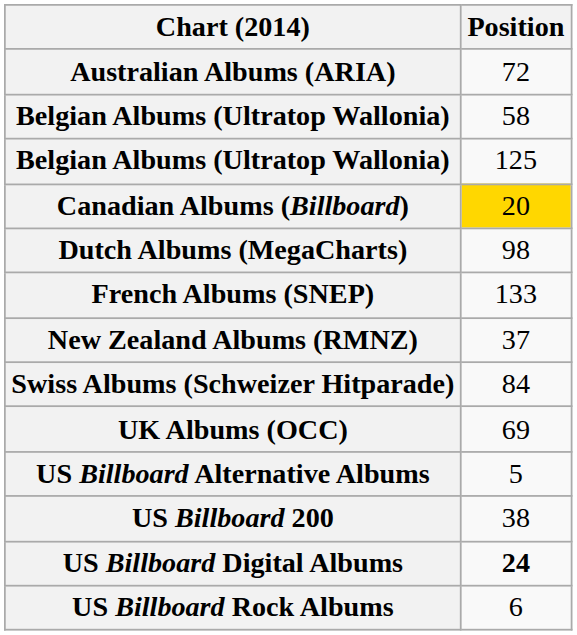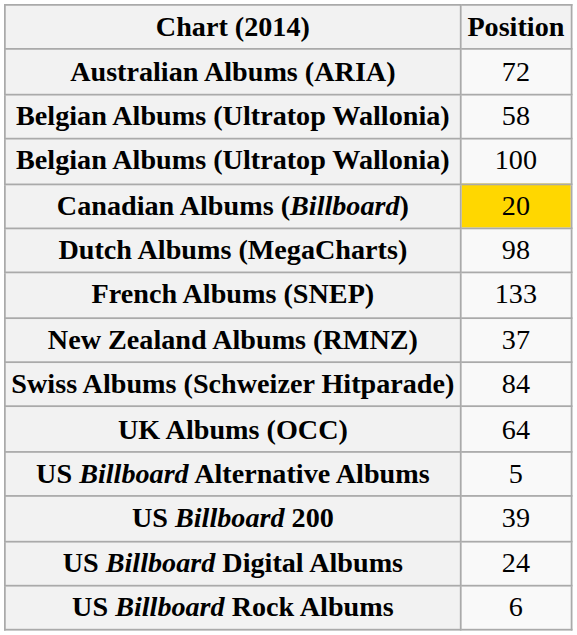 <table class="wikitable sortable plainrowheaders" style="text-align:center">
 <tr>
 <th scope="col">Chart (2014)</th>
 <th scope="col">Position</th>
 </tr>
 <tr>
 <th scope="row">Australian Albums (ARIA)</th>
 <td>72</td>
 </tr>
 <tr>
 <th scope="row">Belgian Albums (Ultratop Wallonia)</th>
 <td>58</td>
 </tr>
 <tr>
 <th scope="row">Belgian Albums (Ultratop Wallonia)</th>
-<td>125</td>
+<td>100</td>
 </tr>
 <tr>
 <th scope="row">Canadian Albums (<em>Billboard</em>)</th>
 <td style="background: gold;">20</td>
 </tr>
 <tr>
 <th scope="row">Dutch Albums (MegaCharts)</th>
 <td>98</td>
 </tr>
 <tr>
 <th scope="row">French Albums (SNEP)</th>
 <td>133</td>
 </tr>
 <tr>
 <th scope="row">New Zealand Albums (RMNZ)</th>
 <td>37</td>
 </tr>
 <tr>
 <th scope="row">Swiss Albums (Schweizer Hitparade)</th>
 <td>84</td>
 </tr>
 <tr>
 <th scope="row">UK Albums (OCC)</th>
-<td>69</td>
+<td>64</td>
 </tr>
 <tr>
 <th scope="row">US <em>Billboard</em> Alternative Albums</th>
 <td>5</td>
 </tr>
 <tr>
 <th scope="row">US <em>Billboard</em> 200</th>
-<td>38</td>
+<td>39</td>
 </tr>
 <tr>
 <th scope="row">US <em>Billboard</em> Digital Albums</th>
-<td><strong>24</strong></td>
+<td>24</td>
 </tr>
 <tr>
 <th scope="row">US <em>Billboard</em> Rock Albums</th>
 <td>6</td>
 </tr>
 </table>
